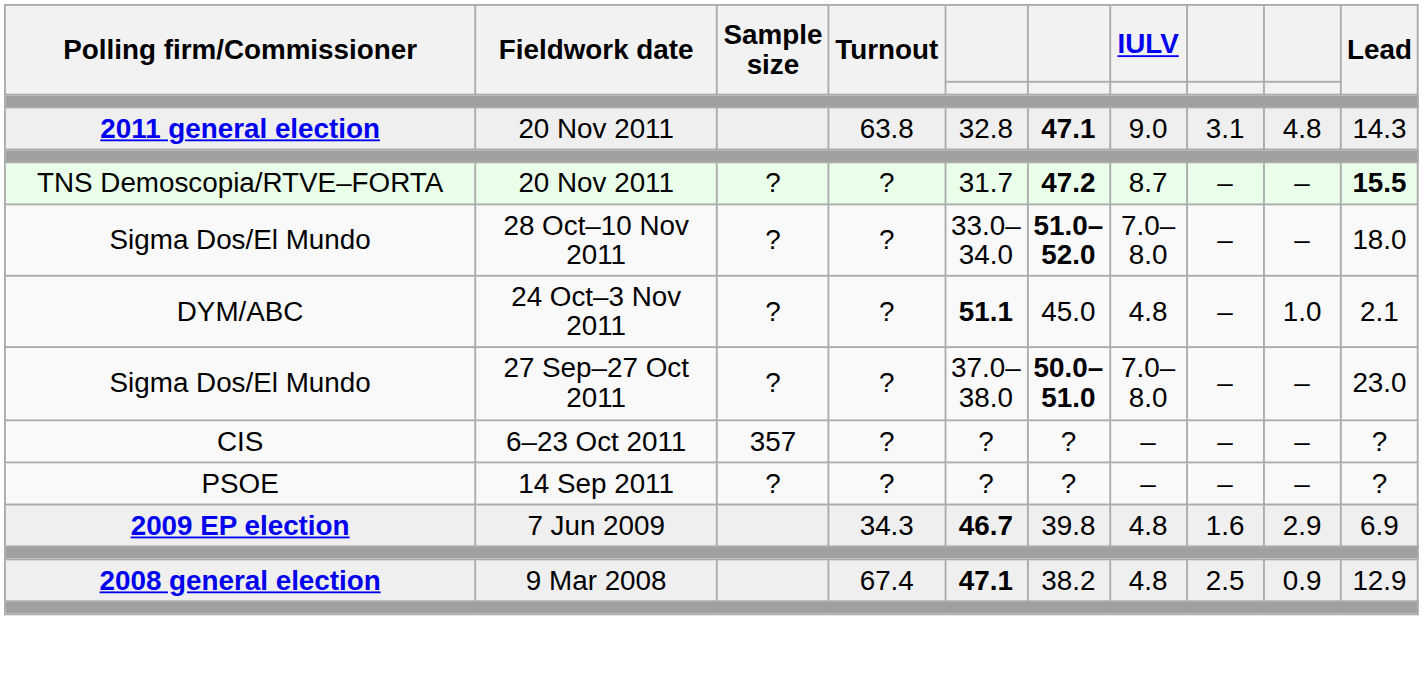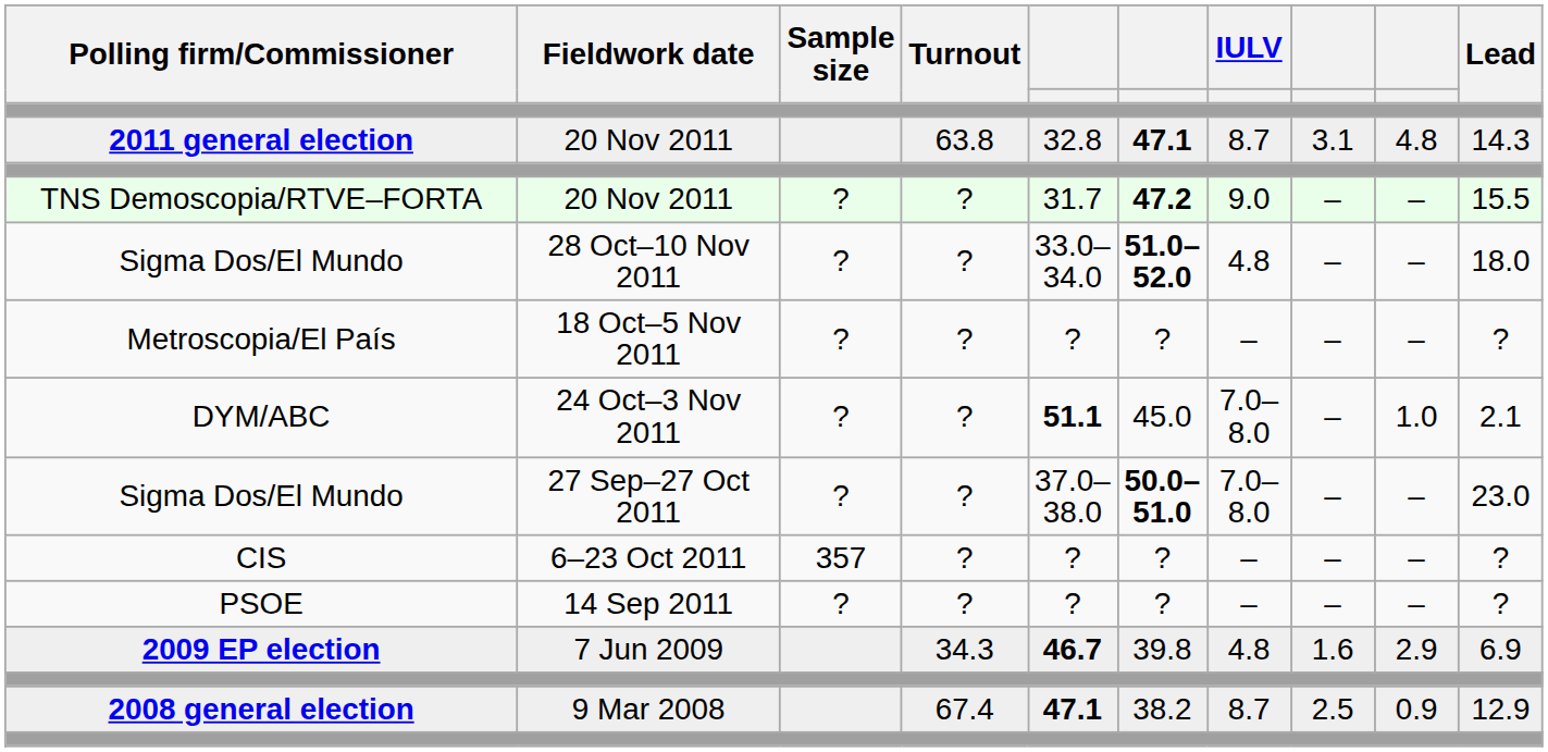 <table class="wikitable collapsible collapsed" style="text-align:center; font-size:95%; line-height:16px;">
 <tr style="height:42px;">
 <th style="width:250px;" rowspan="2">Polling firm/Commissioner</th>
 <th style="width:125px;" rowspan="2">Fieldwork date</th>
 <th style="width:50px;" rowspan="2">Sample size</th>
 <th style="width:45px;" rowspan="2">Turnout</th>
 <th style="width:35px;"></th>
 <th style="width:35px;"></th>
 <th style="width:35px;"><a href='#'>IULV</a></th>
 <th style="width:35px;"></th>
 <th style="width:35px;"></th>
 <th style="width:30px;" rowspan="2">Lead</th>
 </tr>
 <tr>
 <th style="color:inherit;background:"></th>
 <th style="color:inherit;background:"></th>
 <th style="color:inherit;background:"></th>
 <th style="color:inherit;background:"></th>
 <th style="color:inherit;background:"></th>
 </tr>
 <tr>
 <td colspan="10" style="background:#A0A0A0"></td>
 </tr>
 <tr style="background:#EFEFEF;">
 <td><strong><a href='#'>2011 general election</a></strong></td>
 <td>20 Nov 2011</td>
 <td></td>
 <td>63.8</td>
 <td>32.8<br></td>
 <td><strong>47.1</strong><br></td>
-<td>9.0<br></td>
+<td>8.7<br></td>
 <td>3.1<br></td>
 <td>4.8<br></td>
 <td style="background:">14.3</td>
 </tr>
 <tr>
 <td colspan="10" style="background:#A0A0A0"></td>
 </tr>
 <tr style="background:#EAFFEA;">
 <td>TNS Demoscopia/RTVE–FORTA</td>
 <td>20 Nov 2011</td>
 <td>?</td>
 <td>?</td>
 <td>31.7<br></td>
 <td><strong>47.2</strong><br></td>
-<td>8.7<br></td>
+<td>9.0<br></td>
 <td>–</td>
 <td>–</td>
-<td style="background:"><strong>15.5</strong></td>
+<td style="background:">15.5</td>
 </tr>
 <tr>
 <td>Sigma Dos/El Mundo</td>
 <td>28 Oct–10 Nov 2011</td>
 <td>?</td>
 <td>?</td>
 <td>33.0–<br>34.0<br></td>
 <td><strong>51.0–<br>52.0</strong><br></td>
-<td>7.0–<br>8.0<br></td>
+<td>4.8<br></td>
 <td>–</td>
 <td>–</td>
 <td style="background:">18.0</td>
+</tr>
+<tr>
+<td>Metroscopia/El País</td>
+<td>18 Oct–5 Nov 2011</td>
+<td>?</td>
+<td>?</td>
+<td>?<br></td>
+<td>?<br></td>
+<td>–</td>
+<td>–</td>
+<td>–</td>
+<td style="background:">?</td>
 </tr>
 <tr>
 <td>DYM/ABC</td>
 <td>24 Oct–3 Nov 2011</td>
 <td>?</td>
 <td>?</td>
 <td><strong>51.1</strong><br></td>
 <td>45.0<br></td>
-<td>4.8<br></td>
+<td>7.0–<br>8.0<br></td>
 <td>–</td>
 <td>1.0<br></td>
 <td style="background:">2.1</td>
 </tr>
 <tr>
 <td>Sigma Dos/El Mundo</td>
 <td>27 Sep–27 Oct 2011</td>
 <td>?</td>
 <td>?</td>
 <td>37.0–<br>38.0<br></td>
 <td><strong>50.0–<br>51.0</strong><br></td>
 <td>7.0–<br>8.0<br></td>
 <td>–</td>
 <td>–</td>
 <td style="background:">23.0</td>
 </tr>
 <tr>
 <td>CIS</td>
 <td>6–23 Oct 2011</td>
 <td>357</td>
 <td>?</td>
 <td>?<br></td>
 <td>?<br></td>
 <td>–</td>
 <td>–</td>
 <td>–</td>
 <td style="background:">?</td>
 </tr>
 <tr>
 <td>PSOE</td>
 <td>14 Sep 2011</td>
 <td>?</td>
 <td>?</td>
 <td>?<br></td>
 <td>?<br></td>
 <td>–</td>
 <td>–</td>
 <td>–</td>
 <td style="background:">?</td>
 </tr>
 <tr style="background:#EFEFEF;">
 <td><strong><a href='#'>2009 EP election</a></strong></td>
 <td>7 Jun 2009</td>
 <td></td>
 <td>34.3</td>
 <td><strong>46.7</strong><br></td>
 <td>39.8<br></td>
 <td>4.8<br></td>
 <td>1.6<br></td>
 <td>2.9<br></td>
 <td style="background:">6.9</td>
 </tr>
 <tr>
 <td colspan="10" style="background:#A0A0A0"></td>
 </tr>
 <tr style="background:#EFEFEF;">
 <td><strong><a href='#'>2008 general election</a></strong></td>
 <td>9 Mar 2008</td>
 <td></td>
 <td>67.4</td>
 <td><strong>47.1</strong><br></td>
 <td>38.2<br></td>
-<td>4.8<br></td>
+<td>8.7<br></td>
 <td>2.5<br></td>
 <td>0.9<br></td>
 <td style="background:">12.9</td>
 </tr>
 <tr>
 <td colspan="10" style="background:#A0A0A0"></td>
 </tr>
 </table>
